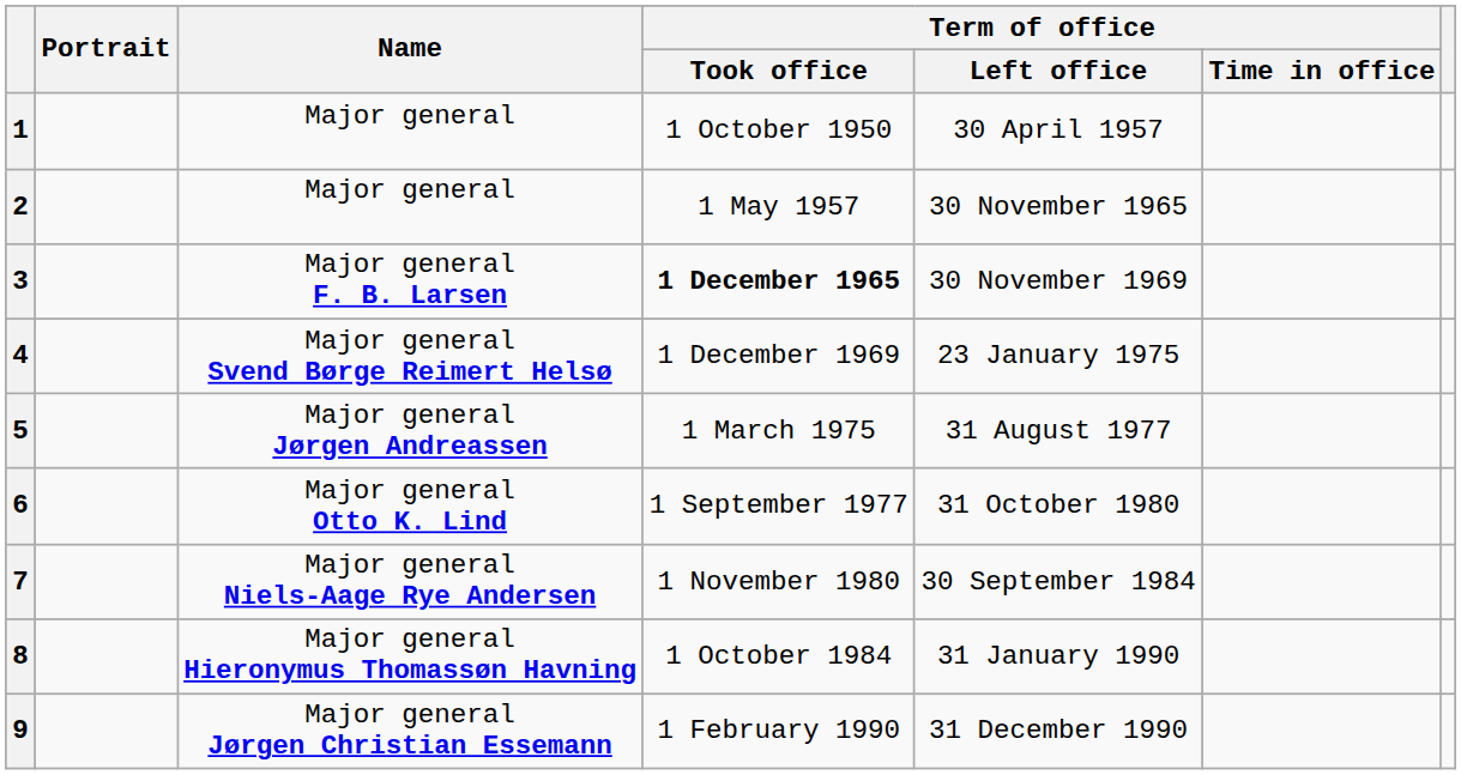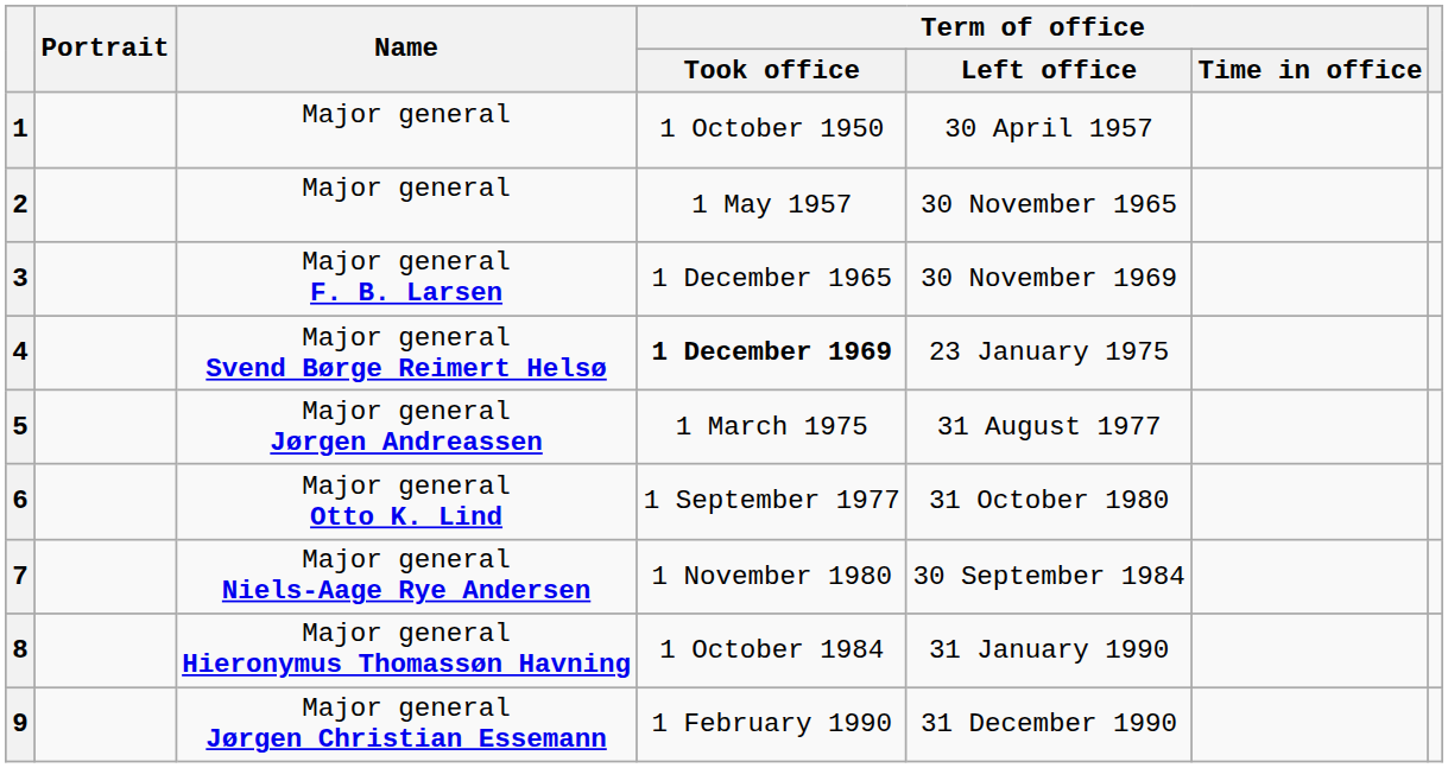 <table class="wikitable" style="text-align:center">
 <tr>
 <th rowspan=2></th>
 <th rowspan=2>Portrait</th>
 <th rowspan=2>Name<br></th>
 <th colspan=3>Term of office</th>
 <th rowspan=2></th>
 </tr>
 <tr>
 <th>Took office</th>
 <th>Left office</th>
 <th>Time in office</th>
 </tr>
 <tr>
 <th>1</th>
 <td></td>
 <td>Major general<br><strong></strong><br></td>
 <td>1 October 1950</td>
 <td>30 April 1957</td>
 <td></td>
 <td></td>
 </tr>
 <tr>
 <th>2</th>
 <td></td>
 <td>Major general<br><strong></strong><br></td>
 <td>1 May 1957</td>
 <td>30 November 1965</td>
 <td></td>
 <td></td>
 </tr>
 <tr>
 <th>3</th>
 <td></td>
 <td>Major general<br><strong><a href='#'>F. B. Larsen</a></strong><br></td>
-<td><strong>1 December 1965</strong></td>
+<td>1 December 1965</td>
 <td>30 November 1969</td>
 <td></td>
 <td></td>
 </tr>
 <tr>
 <th>4</th>
 <td></td>
 <td>Major general<br><strong><a href='#'>Svend Børge Reimert Helsø</a></strong><br></td>
-<td>1 December 1969</td>
+<td><strong>1 December 1969</strong></td>
 <td>23 January 1975</td>
 <td></td>
 <td></td>
 </tr>
 <tr>
 <th>5</th>
 <td></td>
 <td>Major general<br><strong><a href='#'>Jørgen Andreassen</a></strong><br></td>
 <td>1 March 1975</td>
 <td>31 August 1977</td>
 <td></td>
 <td></td>
 </tr>
 <tr>
 <th>6</th>
 <td></td>
 <td>Major general<br><strong><a href='#'>Otto K. Lind</a></strong><br></td>
 <td>1 September 1977</td>
 <td>31 October 1980</td>
 <td></td>
 <td></td>
 </tr>
 <tr>
 <th>7</th>
 <td></td>
 <td>Major general<br><strong><a href='#'>Niels-Aage Rye Andersen</a></strong><br></td>
 <td>1 November 1980</td>
 <td>30 September 1984</td>
 <td></td>
 <td></td>
 </tr>
 <tr>
 <th>8</th>
 <td></td>
 <td>Major general<br><strong><a href='#'>Hieronymus Thomassøn Havning</a></strong><br></td>
 <td>1 October 1984</td>
 <td>31 January 1990</td>
 <td></td>
 <td></td>
 </tr>
 <tr>
 <th>9</th>
 <td></td>
 <td>Major general<br><strong><a href='#'>Jørgen Christian Essemann</a></strong><br></td>
 <td>1 February 1990</td>
 <td>31 December 1990</td>
 <td></td>
 <td></td>
 </tr>
 </table>
